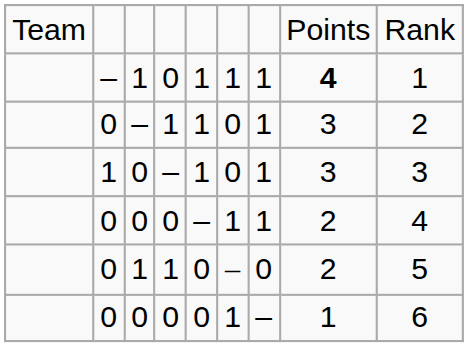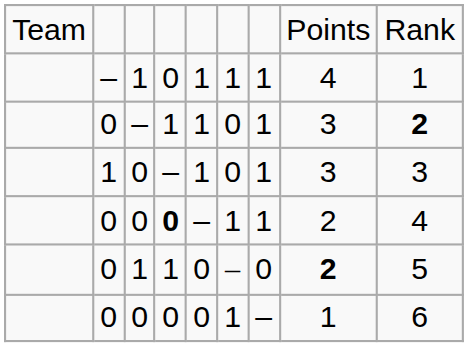 <table class="wikitable" style="text-align:center; ; font-size:90%">
 <tr>
 <td>Team</td>
 <td></td>
 <td></td>
 <td></td>
 <td></td>
 <td></td>
 <td></td>
 <td>Points</td>
 <td>Rank</td>
 </tr>
 <tr>
 <td align=left></td>
 <td>–</td>
 <td>1</td>
 <td>0</td>
 <td>1</td>
 <td>1</td>
 <td>1</td>
-<td><strong>4</strong></td>
+<td>4</td>
 <td>1</td>
 </tr>
 <tr>
 <td align=left></td>
 <td>0</td>
 <td>–</td>
 <td>1</td>
 <td>1</td>
 <td>0</td>
 <td>1</td>
 <td>3</td>
-<td>2</td>
+<td><strong>2</strong></td>
 </tr>
 <tr>
 <td align=left></td>
 <td>1</td>
 <td>0</td>
 <td>–</td>
 <td>1</td>
 <td>0</td>
 <td>1</td>
 <td>3</td>
 <td>3</td>
 </tr>
 <tr>
 <td align=left></td>
 <td>0</td>
 <td>0</td>
-<td>0</td>
+<td><strong>0</strong></td>
 <td>–</td>
 <td>1</td>
 <td>1</td>
 <td>2</td>
 <td>4</td>
 </tr>
 <tr>
 <td align=left></td>
 <td>0</td>
 <td>1</td>
 <td>1</td>
 <td>0</td>
 <td style="font-family:'lucida console',mono;">–</td>
 <td>0</td>
-<td>2</td>
+<td><strong>2</strong></td>
 <td>5</td>
 </tr>
 <tr>
 <td align=left></td>
 <td>0</td>
 <td>0</td>
 <td>0</td>
 <td>0</td>
 <td>1</td>
 <td>–</td>
 <td>1</td>
 <td>6</td>
 </tr>
 </table>
